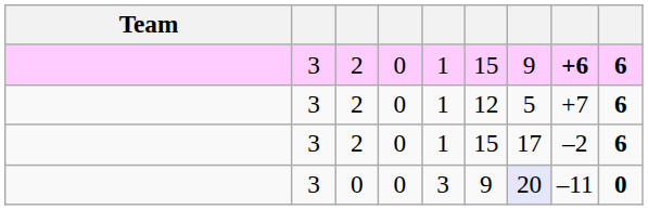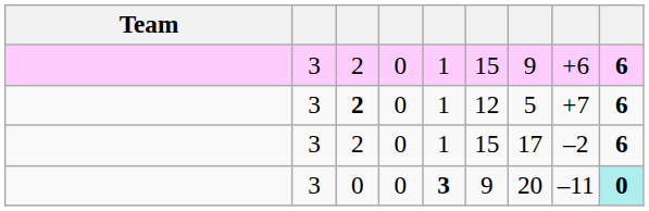 <table class="wikitable" style="text-align: center;">
 <tr>
 <th style="width:175px;">Team</th>
 <th width="20"></th>
 <th width="20"></th>
 <th width="20"></th>
 <th width="20"></th>
 <th width="20"></th>
 <th width="20"></th>
 <th></th>
 <th width="20"></th>
 </tr>
 <tr style="background:#fcf;">
 <td align=left></td>
 <td>3</td>
 <td>2</td>
 <td>0</td>
 <td>1</td>
 <td>15</td>
 <td>9</td>
-<td><strong>+6</strong></td>
+<td>+6</td>
 <td><strong>6</strong></td>
 </tr>
 <tr>
 <td align=left></td>
 <td>3</td>
-<td>2</td>
+<td><strong>2</strong></td>
 <td>0</td>
 <td>1</td>
 <td>12</td>
 <td>5</td>
 <td>+7</td>
 <td><strong>6</strong></td>
 </tr>
 <tr>
 <td align=left></td>
 <td>3</td>
 <td>2</td>
 <td>0</td>
 <td>1</td>
 <td>15</td>
 <td>17</td>
 <td>–2</td>
 <td><strong>6</strong></td>
 </tr>
 <tr>
 <td align=left></td>
 <td>3</td>
 <td>0</td>
 <td>0</td>
-<td>3</td>
+<td><strong>3</strong></td>
 <td>9</td>
-<td style="background: lavender;">20</td>
+<td>20</td>
 <td>–11</td>
-<td><strong>0</strong></td>
+<td style="background: paleturquoise;"><strong>0</strong></td>
 </tr>
 </table>
